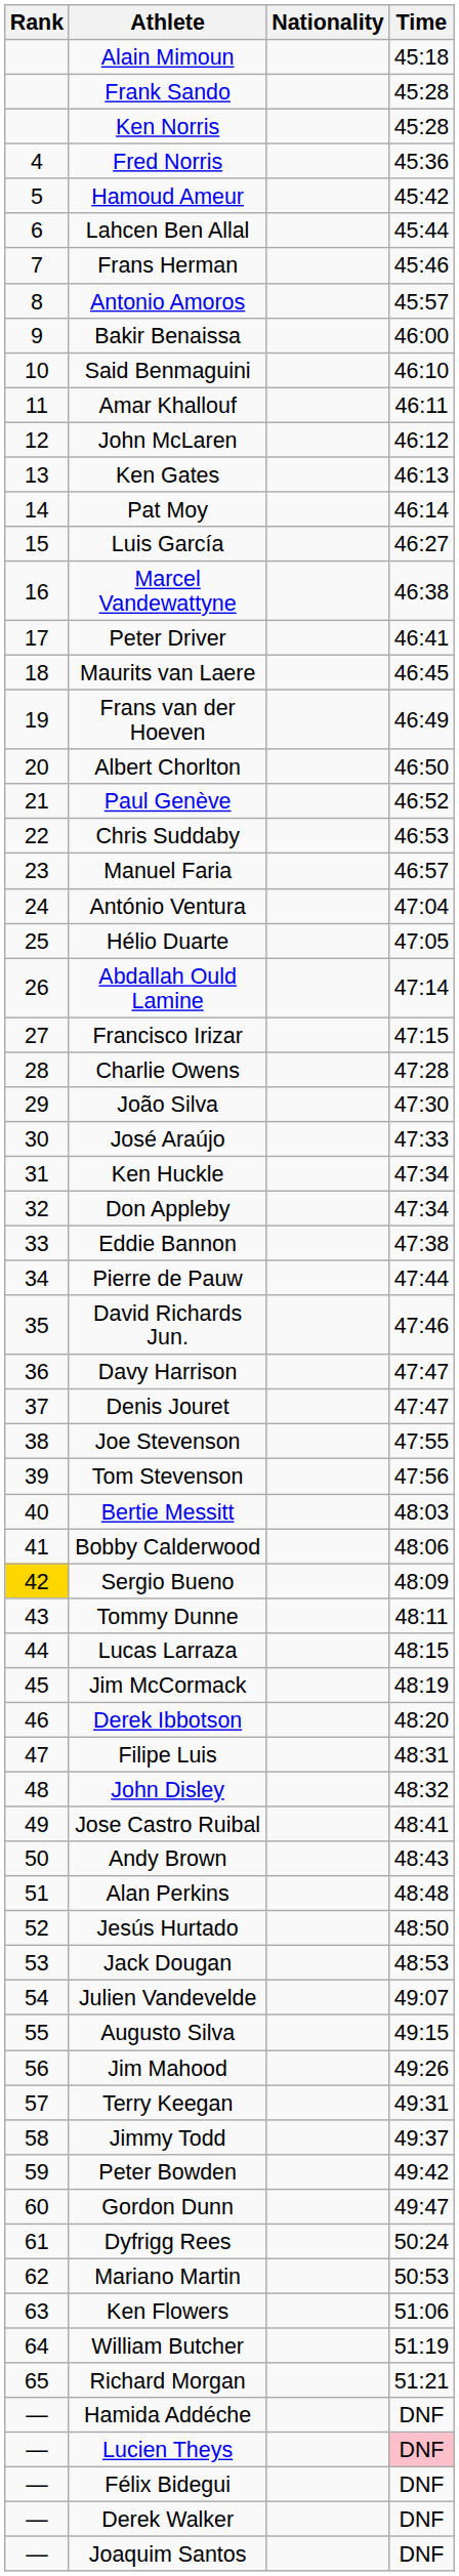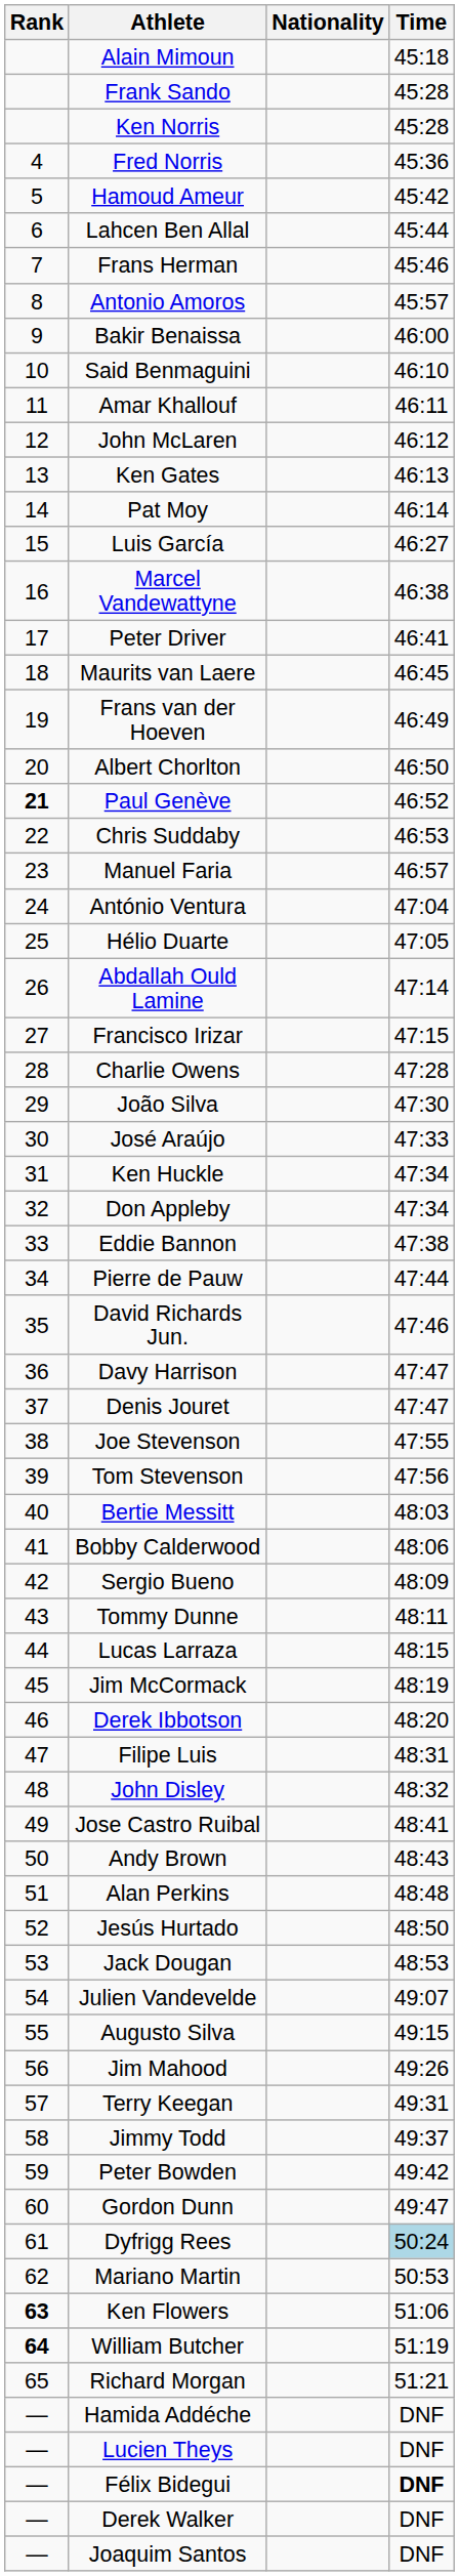 <table class="wikitable sortable" style=" text-align:center; font-size:95%;" width="50%">
 <tr>
 <th>Rank</th>
 <th>Athlete</th>
 <th>Nationality</th>
 <th>Time</th>
 </tr>
 <tr>
 <td align=center></td>
 <td><a href='#'>Alain Mimoun</a></td>
 <td></td>
 <td>45:18</td>
 </tr>
 <tr>
 <td align=center></td>
 <td><a href='#'>Frank Sando</a></td>
 <td></td>
 <td>45:28</td>
 </tr>
 <tr>
 <td align=center></td>
 <td><a href='#'>Ken Norris</a></td>
 <td></td>
 <td>45:28</td>
 </tr>
 <tr>
 <td align=center>4</td>
 <td><a href='#'>Fred Norris</a></td>
 <td></td>
 <td>45:36</td>
 </tr>
 <tr>
 <td align=center>5</td>
 <td><a href='#'>Hamoud Ameur</a></td>
 <td></td>
 <td>45:42</td>
 </tr>
 <tr>
 <td align=center>6</td>
 <td>Lahcen Ben Allal</td>
 <td></td>
 <td>45:44</td>
 </tr>
 <tr>
 <td align=center>7</td>
 <td>Frans Herman</td>
 <td></td>
 <td>45:46</td>
 </tr>
 <tr>
 <td align=center>8</td>
 <td><a href='#'>Antonio Amoros</a></td>
 <td></td>
 <td>45:57</td>
 </tr>
 <tr>
 <td align=center>9</td>
 <td>Bakir Benaissa</td>
 <td></td>
 <td>46:00</td>
 </tr>
 <tr>
 <td align=center>10</td>
 <td>Said Benmaguini</td>
 <td></td>
 <td>46:10</td>
 </tr>
 <tr>
 <td align=center>11</td>
 <td>Amar Khallouf</td>
 <td></td>
 <td>46:11</td>
 </tr>
 <tr>
 <td align=center>12</td>
 <td>John McLaren</td>
 <td></td>
 <td>46:12</td>
 </tr>
 <tr>
 <td align=center>13</td>
 <td>Ken Gates</td>
 <td></td>
 <td>46:13</td>
 </tr>
 <tr>
 <td align=center>14</td>
 <td>Pat Moy</td>
 <td></td>
 <td>46:14</td>
 </tr>
 <tr>
 <td align=center>15</td>
 <td>Luis García</td>
 <td></td>
 <td>46:27</td>
 </tr>
 <tr>
 <td align=center>16</td>
 <td><a href='#'>Marcel Vandewattyne</a></td>
 <td></td>
 <td>46:38</td>
 </tr>
 <tr>
 <td align=center>17</td>
 <td>Peter Driver</td>
 <td></td>
 <td>46:41</td>
 </tr>
 <tr>
 <td align=center>18</td>
 <td>Maurits van Laere</td>
 <td></td>
 <td>46:45</td>
 </tr>
 <tr>
 <td align=center>19</td>
 <td>Frans van der Hoeven</td>
 <td></td>
 <td>46:49</td>
 </tr>
 <tr>
 <td align=center>20</td>
 <td>Albert Chorlton</td>
 <td></td>
 <td>46:50</td>
 </tr>
 <tr>
-<td align=center>21</td>
+<td align=center><strong>21</strong></td>
 <td><a href='#'>Paul Genève</a></td>
 <td></td>
 <td>46:52</td>
 </tr>
 <tr>
 <td align=center>22</td>
 <td>Chris Suddaby</td>
 <td></td>
 <td>46:53</td>
 </tr>
 <tr>
 <td align=center>23</td>
 <td>Manuel Faria</td>
 <td></td>
 <td>46:57</td>
 </tr>
 <tr>
 <td align=center>24</td>
 <td>António Ventura</td>
 <td></td>
 <td>47:04</td>
 </tr>
 <tr>
 <td align=center>25</td>
 <td>Hélio Duarte</td>
 <td></td>
 <td>47:05</td>
 </tr>
 <tr>
 <td align=center>26</td>
 <td><a href='#'>Abdallah Ould Lamine</a></td>
 <td></td>
 <td>47:14</td>
 </tr>
 <tr>
 <td align=center>27</td>
 <td>Francisco Irizar</td>
 <td></td>
 <td>47:15</td>
 </tr>
 <tr>
 <td align=center>28</td>
 <td>Charlie Owens</td>
 <td></td>
 <td>47:28</td>
 </tr>
 <tr>
 <td align=center>29</td>
 <td>João Silva</td>
 <td></td>
 <td>47:30</td>
 </tr>
 <tr>
 <td align=center>30</td>
 <td>José Araújo</td>
 <td></td>
 <td>47:33</td>
 </tr>
 <tr>
 <td align=center>31</td>
 <td>Ken Huckle</td>
 <td></td>
 <td>47:34</td>
 </tr>
 <tr>
 <td align=center>32</td>
 <td>Don Appleby</td>
 <td></td>
 <td>47:34</td>
 </tr>
 <tr>
 <td align=center>33</td>
 <td>Eddie Bannon</td>
 <td></td>
 <td>47:38</td>
 </tr>
 <tr>
 <td align=center>34</td>
 <td>Pierre de Pauw</td>
 <td></td>
 <td>47:44</td>
 </tr>
 <tr>
 <td align=center>35</td>
 <td>David Richards Jun.</td>
 <td></td>
 <td>47:46</td>
 </tr>
 <tr>
 <td align=center>36</td>
 <td>Davy Harrison</td>
 <td></td>
 <td>47:47</td>
 </tr>
 <tr>
 <td align=center>37</td>
 <td>Denis Jouret</td>
 <td></td>
 <td>47:47</td>
 </tr>
 <tr>
 <td align=center>38</td>
 <td>Joe Stevenson</td>
 <td></td>
 <td>47:55</td>
 </tr>
 <tr>
 <td align=center>39</td>
 <td>Tom Stevenson</td>
 <td></td>
 <td>47:56</td>
 </tr>
 <tr>
 <td align=center>40</td>
 <td><a href='#'>Bertie Messitt</a></td>
 <td></td>
 <td>48:03</td>
 </tr>
 <tr>
 <td align=center>41</td>
 <td>Bobby Calderwood</td>
 <td></td>
 <td>48:06</td>
 </tr>
 <tr>
-<td align=center style="background: gold;">42</td>
+<td align=center>42</td>
 <td>Sergio Bueno</td>
 <td></td>
 <td>48:09</td>
 </tr>
 <tr>
 <td align=center>43</td>
 <td>Tommy Dunne</td>
 <td></td>
 <td>48:11</td>
 </tr>
 <tr>
 <td align=center>44</td>
 <td>Lucas Larraza</td>
 <td></td>
 <td>48:15</td>
 </tr>
 <tr>
 <td align=center>45</td>
 <td>Jim McCormack</td>
 <td></td>
 <td>48:19</td>
 </tr>
 <tr>
 <td align=center>46</td>
 <td><a href='#'>Derek Ibbotson</a></td>
 <td></td>
 <td>48:20</td>
 </tr>
 <tr>
 <td align=center>47</td>
 <td>Filipe Luis</td>
 <td></td>
 <td>48:31</td>
 </tr>
 <tr>
 <td align=center>48</td>
 <td><a href='#'>John Disley</a></td>
 <td></td>
 <td>48:32</td>
 </tr>
 <tr>
 <td align=center>49</td>
 <td>Jose Castro Ruibal</td>
 <td></td>
 <td>48:41</td>
 </tr>
 <tr>
 <td align=center>50</td>
 <td>Andy Brown</td>
 <td></td>
 <td>48:43</td>
 </tr>
 <tr>
 <td align=center>51</td>
 <td>Alan Perkins</td>
 <td></td>
 <td>48:48</td>
 </tr>
 <tr>
 <td align=center>52</td>
 <td>Jesús Hurtado</td>
 <td></td>
 <td>48:50</td>
 </tr>
 <tr>
 <td align=center>53</td>
 <td>Jack Dougan</td>
 <td></td>
 <td>48:53</td>
 </tr>
 <tr>
 <td align=center>54</td>
 <td>Julien Vandevelde</td>
 <td></td>
 <td>49:07</td>
 </tr>
 <tr>
 <td align=center>55</td>
 <td>Augusto Silva</td>
 <td></td>
 <td>49:15</td>
 </tr>
 <tr>
 <td align=center>56</td>
 <td>Jim Mahood</td>
 <td></td>
 <td>49:26</td>
 </tr>
 <tr>
 <td align=center>57</td>
 <td>Terry Keegan</td>
 <td></td>
 <td>49:31</td>
 </tr>
 <tr>
 <td align=center>58</td>
 <td>Jimmy Todd</td>
 <td></td>
 <td>49:37</td>
 </tr>
 <tr>
 <td align=center>59</td>
 <td>Peter Bowden</td>
 <td></td>
 <td>49:42</td>
 </tr>
 <tr>
 <td align=center>60</td>
 <td>Gordon Dunn</td>
 <td></td>
 <td>49:47</td>
 </tr>
 <tr>
 <td align=center>61</td>
 <td>Dyfrigg Rees</td>
 <td></td>
-<td>50:24</td>
+<td style="background: lightblue;">50:24</td>
 </tr>
 <tr>
 <td align=center>62</td>
 <td>Mariano Martin</td>
 <td></td>
 <td>50:53</td>
 </tr>
 <tr>
-<td align=center>63</td>
+<td align=center><strong>63</strong></td>
 <td>Ken Flowers</td>
 <td></td>
 <td>51:06</td>
 </tr>
 <tr>
-<td align=center>64</td>
+<td align=center><strong>64</strong></td>
 <td>William Butcher</td>
 <td></td>
 <td>51:19</td>
 </tr>
 <tr>
 <td align=center>65</td>
 <td>Richard Morgan</td>
 <td></td>
 <td>51:21</td>
 </tr>
 <tr>
 <td align=center>—</td>
 <td>Hamida Addéche</td>
 <td></td>
 <td>DNF</td>
 </tr>
 <tr>
 <td align=center>—</td>
 <td><a href='#'>Lucien Theys</a></td>
 <td></td>
-<td style="background: pink;">DNF</td>
+<td>DNF</td>
 </tr>
 <tr>
 <td align=center>—</td>
 <td>Félix Bidegui</td>
 <td></td>
-<td>DNF</td>
+<td><strong>DNF</strong></td>
 </tr>
 <tr>
 <td align=center>—</td>
 <td>Derek Walker</td>
 <td></td>
 <td>DNF</td>
 </tr>
 <tr>
 <td align=center>—</td>
 <td>Joaquim Santos</td>
 <td></td>
 <td>DNF</td>
 </tr>
 </table>
